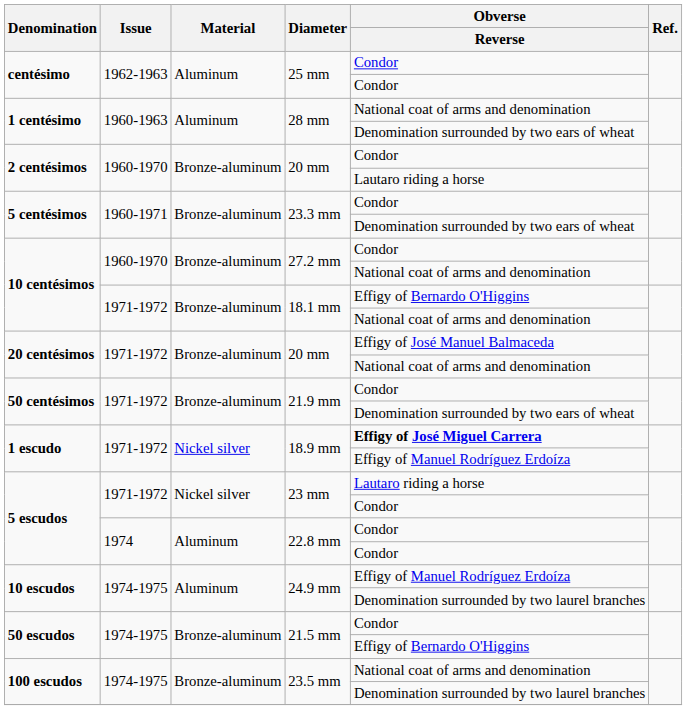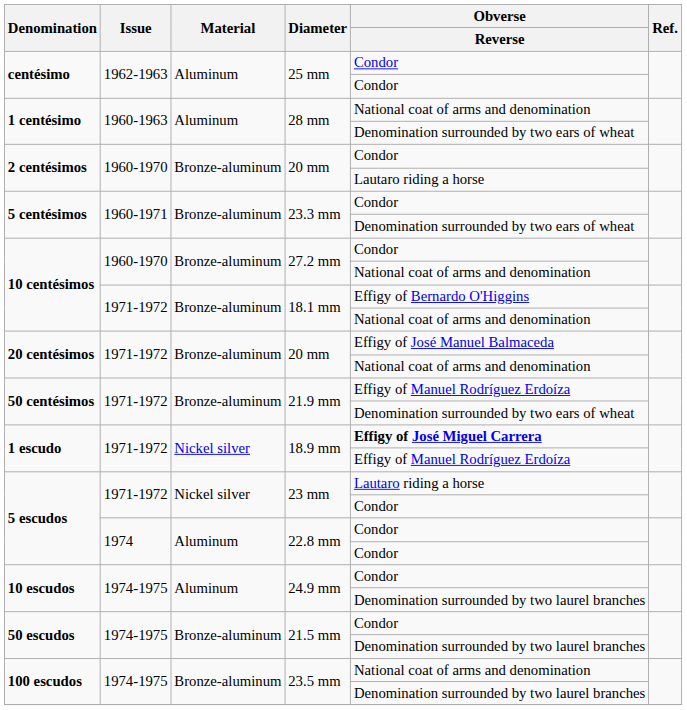 <table class=wikitable>
 <tr>
 <th rowspan=2>Denomination</th>
 <th rowspan=2>Issue</th>
 <th rowspan=2>Material</th>
 <th rowspan=2>Diameter</th>
 <th>Obverse</th>
 <th rowspan=2>Ref.</th>
 </tr>
 <tr>
 <th>Reverse</th>
 </tr>
 <tr>
 <td rowspan=2><strong> centésimo</strong></td>
 <td rowspan=2>1962-1963</td>
 <td rowspan=2>Aluminum</td>
 <td rowspan=2>25 mm</td>
 <td><a href='#'>Condor</a></td>
 <td rowspan=2></td>
 </tr>
 <tr>
 <td>Condor</td>
 </tr>
 <tr>
 <td rowspan=2><strong>1 centésimo</strong></td>
 <td rowspan=2>1960-1963</td>
 <td rowspan=2>Aluminum</td>
 <td rowspan=2>28 mm</td>
 <td>National coat of arms and denomination</td>
 <td rowspan=2></td>
 </tr>
 <tr>
 <td>Denomination surrounded by two ears of wheat</td>
 </tr>
 <tr>
 <td rowspan=2><strong>2 centésimos</strong></td>
 <td rowspan=2>1960-1970</td>
 <td rowspan=2>Bronze-aluminum</td>
 <td rowspan=2>20 mm</td>
 <td>Condor</td>
 <td rowspan=2></td>
 </tr>
 <tr>
 <td>Lautaro riding a horse</td>
 </tr>
 <tr>
 <td rowspan=2><strong>5 centésimos</strong></td>
 <td rowspan=2>1960-1971</td>
 <td rowspan=2>Bronze-aluminum</td>
 <td rowspan=2>23.3 mm</td>
 <td>Condor</td>
 <td rowspan=2></td>
 </tr>
 <tr>
 <td>Denomination surrounded by two ears of wheat</td>
 </tr>
 <tr>
 <td rowspan=4><strong>10 centésimos</strong></td>
 <td rowspan=2>1960-1970</td>
 <td rowspan=2>Bronze-aluminum</td>
 <td rowspan=2>27.2 mm</td>
 <td>Condor</td>
 <td rowspan=2></td>
 </tr>
 <tr>
 <td>National coat of arms and denomination</td>
 </tr>
 <tr>
 <td rowspan=2>1971-1972</td>
 <td rowspan=2>Bronze-aluminum</td>
 <td rowspan=2>18.1 mm</td>
 <td>Effigy of <a href='#'>Bernardo O'Higgins</a></td>
 <td rowspan=2></td>
 </tr>
 <tr>
 <td>National coat of arms and denomination</td>
 </tr>
 <tr>
 <td rowspan=2><strong>20 centésimos</strong></td>
 <td rowspan=2>1971-1972</td>
 <td rowspan=2>Bronze-aluminum</td>
 <td rowspan=2>20 mm</td>
 <td>Effigy of <a href='#'>José Manuel Balmaceda</a></td>
 <td rowspan=2></td>
 </tr>
 <tr>
 <td>National coat of arms and denomination</td>
 </tr>
 <tr>
 <td rowspan=2><strong>50 centésimos</strong></td>
 <td rowspan=2>1971-1972</td>
 <td rowspan=2>Bronze-aluminum</td>
 <td rowspan=2>21.9 mm</td>
-<td>Condor</td>
+<td>Effigy of <a href='#'>Manuel Rodríguez Erdoíza</a></td>
 <td rowspan=2></td>
 </tr>
 <tr>
 <td>Denomination surrounded by two ears of wheat</td>
 </tr>
 <tr>
 <td rowspan=2><strong>1 escudo</strong></td>
 <td rowspan=2>1971-1972</td>
 <td rowspan=2><a href='#'>Nickel silver</a></td>
 <td rowspan=2>18.9 mm</td>
 <td><strong>Effigy of <a href='#'>José Miguel Carrera</a></strong></td>
 <td rowspan=2></td>
 </tr>
 <tr>
 <td>Effigy of <a href='#'>Manuel Rodríguez Erdoíza</a></td>
 </tr>
 <tr>
 <td rowspan=4><strong>5 escudos</strong></td>
 <td rowspan=2>1971-1972</td>
 <td rowspan=2>Nickel silver</td>
 <td rowspan=2>23 mm</td>
 <td><a href='#'>Lautaro</a> riding a horse</td>
 <td rowspan=2></td>
 </tr>
 <tr>
 <td>Condor</td>
 </tr>
 <tr>
 <td rowspan=2>1974</td>
 <td rowspan=2>Aluminum</td>
 <td rowspan=2>22.8 mm</td>
 <td>Condor</td>
 <td rowspan=2></td>
 </tr>
 <tr>
 <td>Condor</td>
 </tr>
 <tr>
 <td rowspan=2><strong>10 escudos</strong></td>
 <td rowspan=2>1974-1975</td>
 <td rowspan=2>Aluminum</td>
 <td rowspan=2>24.9 mm</td>
-<td>Effigy of <a href='#'>Manuel Rodríguez Erdoíza</a></td>
+<td>Condor</td>
 <td rowspan=2></td>
 </tr>
 <tr>
 <td>Denomination surrounded by two laurel branches</td>
 </tr>
 <tr>
 <td rowspan=2><strong>50 escudos</strong></td>
 <td rowspan=2>1974-1975</td>
 <td rowspan=2>Bronze-aluminum</td>
 <td rowspan=2>21.5 mm</td>
 <td>Condor</td>
 <td rowspan=2></td>
 </tr>
 <tr>
-<td>Effigy of <a href='#'>Bernardo O'Higgins</a></td>
+<td>Denomination surrounded by two laurel branches</td>
 </tr>
 <tr>
 <td rowspan=2><strong>100 escudos</strong></td>
 <td rowspan=2>1974-1975</td>
 <td rowspan=2>Bronze-aluminum</td>
 <td rowspan=2>23.5 mm</td>
 <td>National coat of arms and denomination</td>
 <td rowspan=2></td>
 </tr>
 <tr>
 <td>Denomination surrounded by two laurel branches</td>
 </tr>
 <tr>
 </tr>
 </table>
